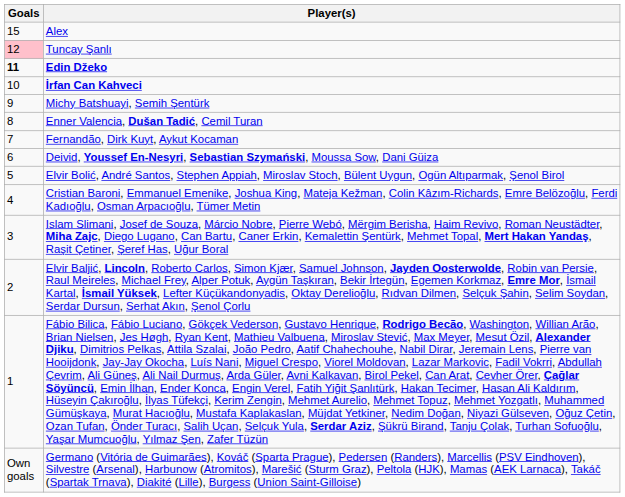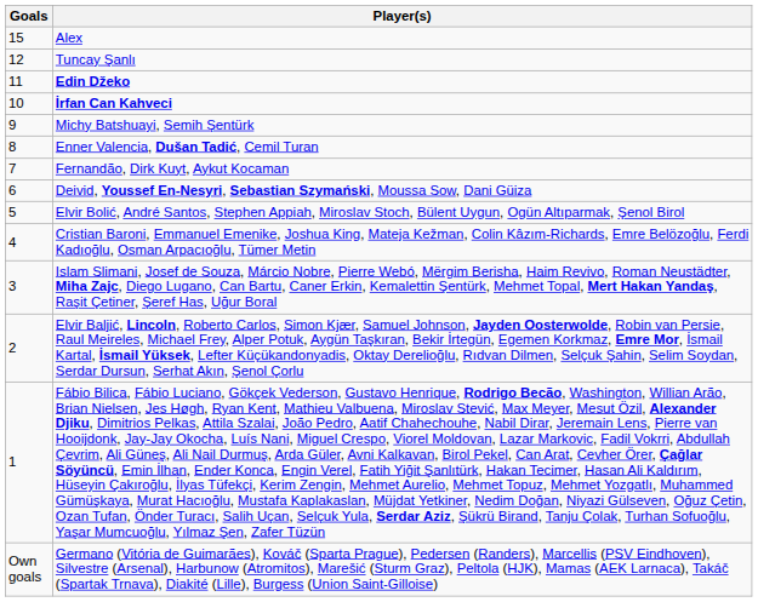 <table class="wikitable">
 <tr>
 <th>Goals</th>
 <th>Player(s)</th>
 </tr>
 <tr>
 <td>15</td>
 <td> <a href='#'>Alex</a></td>
 </tr>
 <tr>
-<td style="background: pink;">12</td>
+<td>12</td>
 <td> <a href='#'>Tuncay Şanlı</a></td>
 </tr>
 <tr>
-<td><strong>11</strong></td>
+<td>11</td>
 <td> <strong><a href='#'>Edin Džeko</a></strong></td>
 </tr>
 <tr>
 <td>10</td>
 <td> <strong><a href='#'>İrfan Can Kahveci</a></strong></td>
 </tr>
 <tr>
 <td>9</td>
 <td> <a href='#'>Michy Batshuayi</a>,  <a href='#'>Semih Şentürk</a></td>
 </tr>
 <tr>
 <td>8</td>
 <td> <a href='#'>Enner Valencia</a>,  <strong><a href='#'>Dušan Tadić</a></strong>,  <a href='#'>Cemil Turan</a></td>
 </tr>
 <tr>
 <td>7</td>
 <td> <a href='#'>Fernandão</a>,  <a href='#'>Dirk Kuyt</a>,  <a href='#'>Aykut Kocaman</a></td>
 </tr>
 <tr>
 <td>6</td>
 <td> <a href='#'>Deivid</a>,  <strong><a href='#'>Youssef En-Nesyri</a></strong>,  <strong><a href='#'>Sebastian Szymański</a></strong>,  <a href='#'>Moussa Sow</a>,  <a href='#'>Dani Güiza</a></td>
 </tr>
 <tr>
 <td>5</td>
 <td> <a href='#'>Elvir Bolić</a>,  <a href='#'>André Santos</a>,  <a href='#'>Stephen Appiah</a>,  <a href='#'>Miroslav Stoch</a>,  <a href='#'>Bülent Uygun</a>,  <a href='#'>Ogün Altıparmak</a>,  <a href='#'>Şenol Birol</a></td>
 </tr>
 <tr>
 <td>4</td>
 <td> <a href='#'>Cristian Baroni</a>,  <a href='#'>Emmanuel Emenike</a>,  <a href='#'>Joshua King</a>,  <a href='#'>Mateja Kežman</a>,  <a href='#'>Colin Kâzım-Richards</a>,  <a href='#'>Emre Belözoğlu</a>,  <a href='#'>Ferdi Kadıoğlu</a>,  <a href='#'>Osman Arpacıoğlu</a>,  <a href='#'>Tümer Metin</a></td>
 </tr>
 <tr>
 <td>3</td>
 <td> <a href='#'>Islam Slimani</a>,  <a href='#'>Josef de Souza</a>,  <a href='#'>Márcio Nobre</a>,  <a href='#'>Pierre Webó</a>,  <a href='#'>Mërgim Berisha</a>,  <a href='#'>Haim Revivo</a>,  <a href='#'>Roman Neustädter</a>,  <strong><a href='#'>Miha Zajc</a></strong>,  <a href='#'>Diego Lugano</a>,  <a href='#'>Can Bartu</a>,  <a href='#'>Caner Erkin</a>,  <a href='#'>Kemalettin Şentürk</a>,  <a href='#'>Mehmet Topal</a>,  <strong><a href='#'>Mert Hakan Yandaş</a></strong>,  <a href='#'>Raşit Çetiner</a>,  <a href='#'>Şeref Has</a>,  <a href='#'>Uğur Boral</a></td>
 </tr>
 <tr>
 <td>2</td>
 <td> <a href='#'>Elvir Baljić</a>,  <strong><a href='#'>Lincoln</a></strong>,  <a href='#'>Roberto Carlos</a>,  <a href='#'>Simon Kjær</a>,  <a href='#'>Samuel Johnson</a>,  <strong><a href='#'>Jayden Oosterwolde</a></strong>,  <a href='#'>Robin van Persie</a>,  <a href='#'>Raul Meireles</a>,  <a href='#'>Michael Frey</a>,  <a href='#'>Alper Potuk</a>,  <a href='#'>Aygün Taşkıran</a>,  <a href='#'>Bekir İrtegün</a>,  <a href='#'>Egemen Korkmaz</a>,  <strong><a href='#'>Emre Mor</a></strong>,  <a href='#'>İsmail Kartal</a>,  <strong><a href='#'>İsmail Yüksek</a></strong>,  <a href='#'>Lefter Küçükandonyadis</a>,  <a href='#'>Oktay Derelioğlu</a>,  <a href='#'>Rıdvan Dilmen</a>,  <a href='#'>Selçuk Şahin</a>,  <a href='#'>Selim Soydan</a>,  <a href='#'>Serdar Dursun</a>,  <a href='#'>Serhat Akın</a>,  <a href='#'>Şenol Çorlu</a></td>
 </tr>
 <tr>
 <td>1</td>
 <td> <a href='#'>Fábio Bilica</a>,  <a href='#'>Fábio Luciano</a>,  <a href='#'>Gökçek Vederson</a>,  <a href='#'>Gustavo Henrique</a>,  <strong><a href='#'>Rodrigo Becão</a></strong>,  <a href='#'>Washington</a>,  <a href='#'>Willian Arão</a>,  <a href='#'>Brian Nielsen</a>,  <a href='#'>Jes Høgh</a>,  <a href='#'>Ryan Kent</a>,  <a href='#'>Mathieu Valbuena</a>,  <a href='#'>Miroslav Stević</a>,  <a href='#'>Max Meyer</a>,  <a href='#'>Mesut Özil</a>,  <strong><a href='#'>Alexander Djiku</a></strong>,   <a href='#'>Dimitrios Pelkas</a>,  <a href='#'>Attila Szalai</a>,  <a href='#'>João Pedro</a>,  <a href='#'>Aatif Chahechouhe</a>,  <a href='#'>Nabil Dirar</a>,  <a href='#'>Jeremain Lens</a>,  <a href='#'>Pierre van Hooijdonk</a>,  <a href='#'>Jay-Jay Okocha</a>,  <a href='#'>Luís Nani</a>,  <a href='#'>Miguel Crespo</a>,  <a href='#'>Viorel Moldovan</a>,  <a href='#'>Lazar Markovic</a>,  <a href='#'>Fadil Vokrri</a>,  <a href='#'>Abdullah Çevrim</a>,  <a href='#'>Ali Güneş</a>,  <a href='#'>Ali Nail Durmuş</a>,  <a href='#'>Arda Güler</a>,  <a href='#'>Avni Kalkavan</a>,  <a href='#'>Birol Pekel</a>,  <a href='#'>Can Arat</a>,  <a href='#'>Cevher Örer</a>,  <strong><a href='#'>Çağlar Söyüncü</a></strong>,  <a href='#'>Emin İlhan</a>,  <a href='#'>Ender Konca</a>,  <a href='#'>Engin Verel</a>,  <a href='#'>Fatih Yiğit Şanlıtürk</a>,  <a href='#'>Hakan Tecimer</a>,  <a href='#'>Hasan Ali Kaldırım</a>,  <a href='#'>Hüseyin Çakıroğlu</a>,  <a href='#'>İlyas Tüfekçi</a>,  <a href='#'>Kerim Zengin</a>,  <a href='#'>Mehmet Aurelio</a>,  <a href='#'>Mehmet Topuz</a>,  <a href='#'>Mehmet Yozgatlı</a>,  <a href='#'>Muhammed Gümüşkaya</a>,  <a href='#'>Murat Hacıoğlu</a>,  <a href='#'>Mustafa Kaplakaslan</a>,  <a href='#'>Müjdat Yetkiner</a>,  <a href='#'>Nedim Doğan</a>,  <a href='#'>Niyazi Gülseven</a>,  <a href='#'>Oğuz Çetin</a>,  <a href='#'>Ozan Tufan</a>,  <a href='#'>Önder Turacı</a>,  <a href='#'>Salih Uçan</a>,  <a href='#'>Selçuk Yula</a>,  <strong><a href='#'>Serdar Aziz</a></strong>,  <a href='#'>Şükrü Birand</a>,  <a href='#'>Tanju Çolak</a>,  <a href='#'>Turhan Sofuoğlu</a>,  <a href='#'>Yaşar Mumcuoğlu</a>,  <a href='#'>Yılmaz Şen</a>,  <a href='#'>Zafer Tüzün</a></td>
 </tr>
 <tr>
 <td>Own goals</td>
 <td><a href='#'>Germano</a> (<a href='#'>Vitória de Guimarães</a>), <a href='#'>Kováč</a> (<a href='#'>Sparta Prague</a>), <a href='#'>Pedersen</a> (<a href='#'>Randers</a>), <a href='#'>Marcellis</a> (<a href='#'>PSV Eindhoven</a>), <a href='#'>Silvestre</a> (<a href='#'>Arsenal</a>), <a href='#'>Harbunow</a> (<a href='#'>Atromitos</a>), <a href='#'>Marešić</a> (<a href='#'>Sturm Graz</a>), <a href='#'>Peltola</a> (<a href='#'>HJK</a>), <a href='#'>Mamas</a> (<a href='#'>AEK Larnaca</a>), <a href='#'>Takáč</a> (<a href='#'>Spartak Trnava</a>), <a href='#'>Diakité</a> (<a href='#'>Lille</a>), <a href='#'>Burgess</a> (<a href='#'>Union Saint-Gilloise</a>)</td>
 </tr>
 </table>
